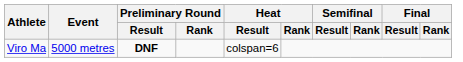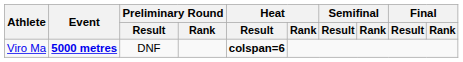 <table class="wikitable" style="font-size:90%">
 <tr>
 <th rowspan="2">Athlete</th>
 <th rowspan="2">Event</th>
 <th colspan="2">Preliminary Round</th>
 <th colspan="2">Heat</th>
 <th colspan="2">Semifinal</th>
 <th colspan="2">Final</th>
 </tr>
 <tr style="font-size:95%">
 <th>Result</th>
 <th>Rank</th>
 <th>Result</th>
 <th>Rank</th>
 <th>Result</th>
 <th>Rank</th>
 <th>Result</th>
 <th>Rank</th>
 </tr>
 <tr style=text-align:center>
 <td style=text-align:left><a href='#'>Viro Ma</a></td>
-<td style=text-align:left><a href='#'>5000 metres</a></td>
-<td><strong>DNF</strong></td>
+<td style=text-align:left><strong><a href='#'>5000 metres</a></strong></td>
+<td>DNF</td>
 <td></td>
-<td>colspan=6 </td>
+<td><strong>colspan=6 </strong></td>
 </tr>
 </table>
